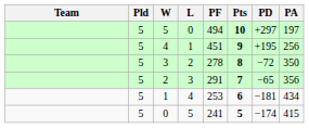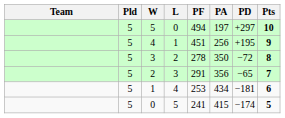 <table class=wikitable style="text-align:center">
 <tr>
 <th width=180>Team</th>
 <th width=30>Pld</th>
 <th width=30>W</th>
 <th width=30>L</th>
 <th width=30>PF</th>
+<th width=30>PA</th>
+<th width=30>PD</th>
 <th width=30>Pts</th>
-<th width=30>PD</th>
-<th width=30>PA</th>
 </tr>
 <tr bgcolor="#ccffcc">
 <td align=left></td>
 <td>5</td>
 <td>5</td>
 <td>0</td>
 <td>494</td>
+<td>197</td>
+<td>+297</td>
 <td><strong>10</strong></td>
-<td>+297</td>
-<td>197</td>
 </tr>
 <tr bgcolor="#ccffcc">
 <td align=left></td>
 <td>5</td>
 <td>4</td>
 <td>1</td>
 <td>451</td>
+<td>256</td>
+<td>+195</td>
 <td><strong>9</strong></td>
-<td>+195</td>
-<td>256</td>
 </tr>
 <tr bgcolor="#ccffcc">
 <td align=left></td>
 <td>5</td>
 <td>3</td>
 <td>2</td>
 <td>278</td>
+<td>350</td>
+<td>−72</td>
 <td><strong>8</strong></td>
-<td>−72</td>
-<td>350</td>
 </tr>
 <tr bgcolor="#ccffcc">
 <td align=left></td>
 <td>5</td>
 <td>2</td>
 <td>3</td>
 <td>291</td>
+<td>356</td>
+<td>−65</td>
 <td><strong>7</strong></td>
-<td>−65</td>
-<td>356</td>
 </tr>
 <tr>
 <td align=left></td>
 <td>5</td>
 <td>1</td>
 <td>4</td>
 <td>253</td>
+<td>434</td>
+<td>−181</td>
 <td><strong>6</strong></td>
-<td>−181</td>
-<td>434</td>
 </tr>
 <tr>
 <td align=left></td>
 <td>5</td>
 <td>0</td>
 <td>5</td>
 <td>241</td>
+<td>415</td>
+<td>−174</td>
 <td><strong>5</strong></td>
-<td>−174</td>
-<td>415</td>
 </tr>
 </table>
